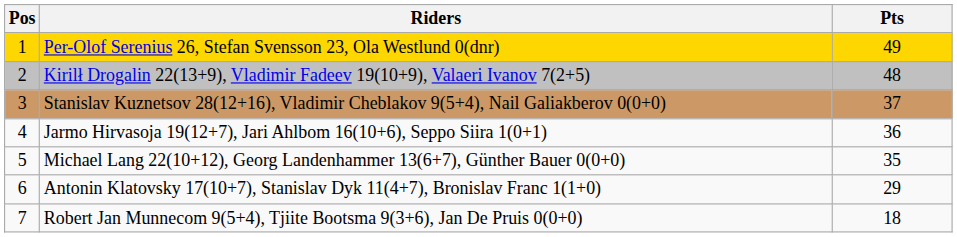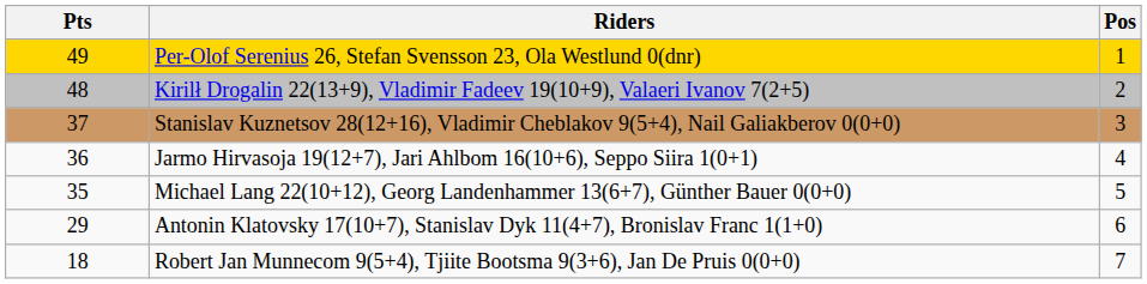 <table class="wikitable" style="font-size: 100%">
 <tr>
+<th width=100>Pts</th>
+<th width=700>Riders</th>
 <th width=20>Pos</th>
-<th width=700>Riders</th>
-<th width=100>Pts</th>
 </tr>
 <tr align=center style="background-color: gold;">
+<td>49</td>
+<td align="left"> <a href='#'>Per-Olof Serenius</a> 26, Stefan Svensson 23, Ola Westlund 0(dnr)</td>
 <td>1</td>
-<td align="left"> <a href='#'>Per-Olof Serenius</a> 26, Stefan Svensson 23, Ola Westlund 0(dnr)</td>
-<td>49</td>
 </tr>
 <tr align=center style="background-color: silver;">
+<td>48</td>
+<td align="left"> <a href='#'>Kirilł Drogalin</a> 22(13+9), <a href='#'>Vladimir Fadeev</a> 19(10+9), <a href='#'>Valaeri Ivanov</a> 7(2+5)</td>
 <td>2</td>
-<td align="left"> <a href='#'>Kirilł Drogalin</a> 22(13+9), <a href='#'>Vladimir Fadeev</a> 19(10+9), <a href='#'>Valaeri Ivanov</a> 7(2+5)</td>
-<td>48</td>
 </tr>
 <tr align=center style="background-color: #cc9966;">
+<td>37</td>
+<td align="left"> Stanislav Kuznetsov 28(12+16), Vladimir Cheblakov 9(5+4), Nail Galiakberov 0(0+0)</td>
 <td>3</td>
-<td align="left"> Stanislav Kuznetsov 28(12+16), Vladimir Cheblakov 9(5+4), Nail Galiakberov 0(0+0)</td>
-<td>37</td>
 </tr>
 <tr align=center>
+<td>36</td>
+<td align="left"> Jarmo Hirvasoja 19(12+7), Jari Ahlbom 16(10+6), Seppo Siira 1(0+1)</td>
 <td>4</td>
-<td align="left"> Jarmo Hirvasoja 19(12+7), Jari Ahlbom 16(10+6), Seppo Siira 1(0+1)</td>
-<td>36</td>
 </tr>
 <tr align=center>
+<td>35</td>
+<td align="left"> Michael Lang 22(10+12), Georg Landenhammer 13(6+7), Günther Bauer 0(0+0)</td>
 <td>5</td>
-<td align="left"> Michael Lang 22(10+12), Georg Landenhammer 13(6+7), Günther Bauer 0(0+0)</td>
-<td>35</td>
 </tr>
 <tr align=center>
+<td>29</td>
+<td align="left"> Antonin Klatovsky 17(10+7), Stanislav Dyk 11(4+7), Bronislav Franc 1(1+0)</td>
 <td>6</td>
-<td align="left"> Antonin Klatovsky 17(10+7), Stanislav Dyk 11(4+7), Bronislav Franc 1(1+0)</td>
-<td>29</td>
 </tr>
 <tr align=center>
+<td>18</td>
+<td align="left"> Robert Jan Munnecom 9(5+4), Tjiite Bootsma 9(3+6), Jan De Pruis 0(0+0)</td>
 <td>7</td>
-<td align="left"> Robert Jan Munnecom 9(5+4), Tjiite Bootsma 9(3+6), Jan De Pruis 0(0+0)</td>
-<td>18</td>
 </tr>
 </table>
